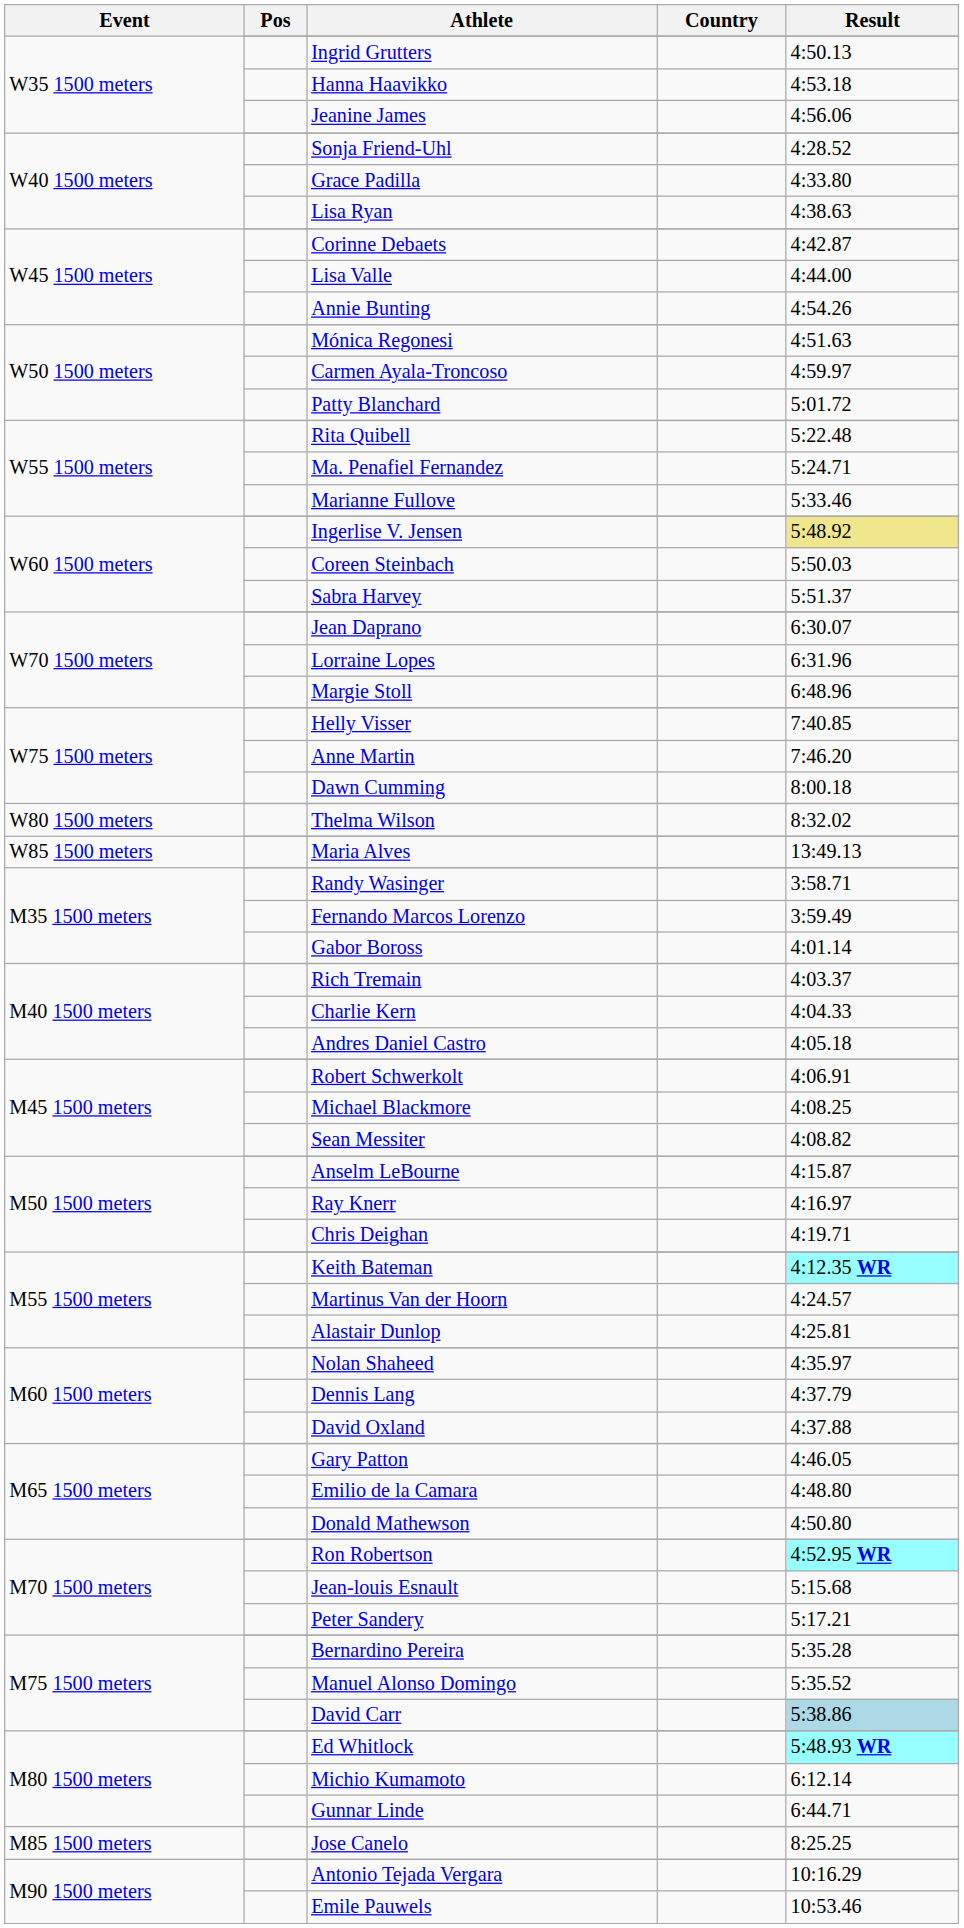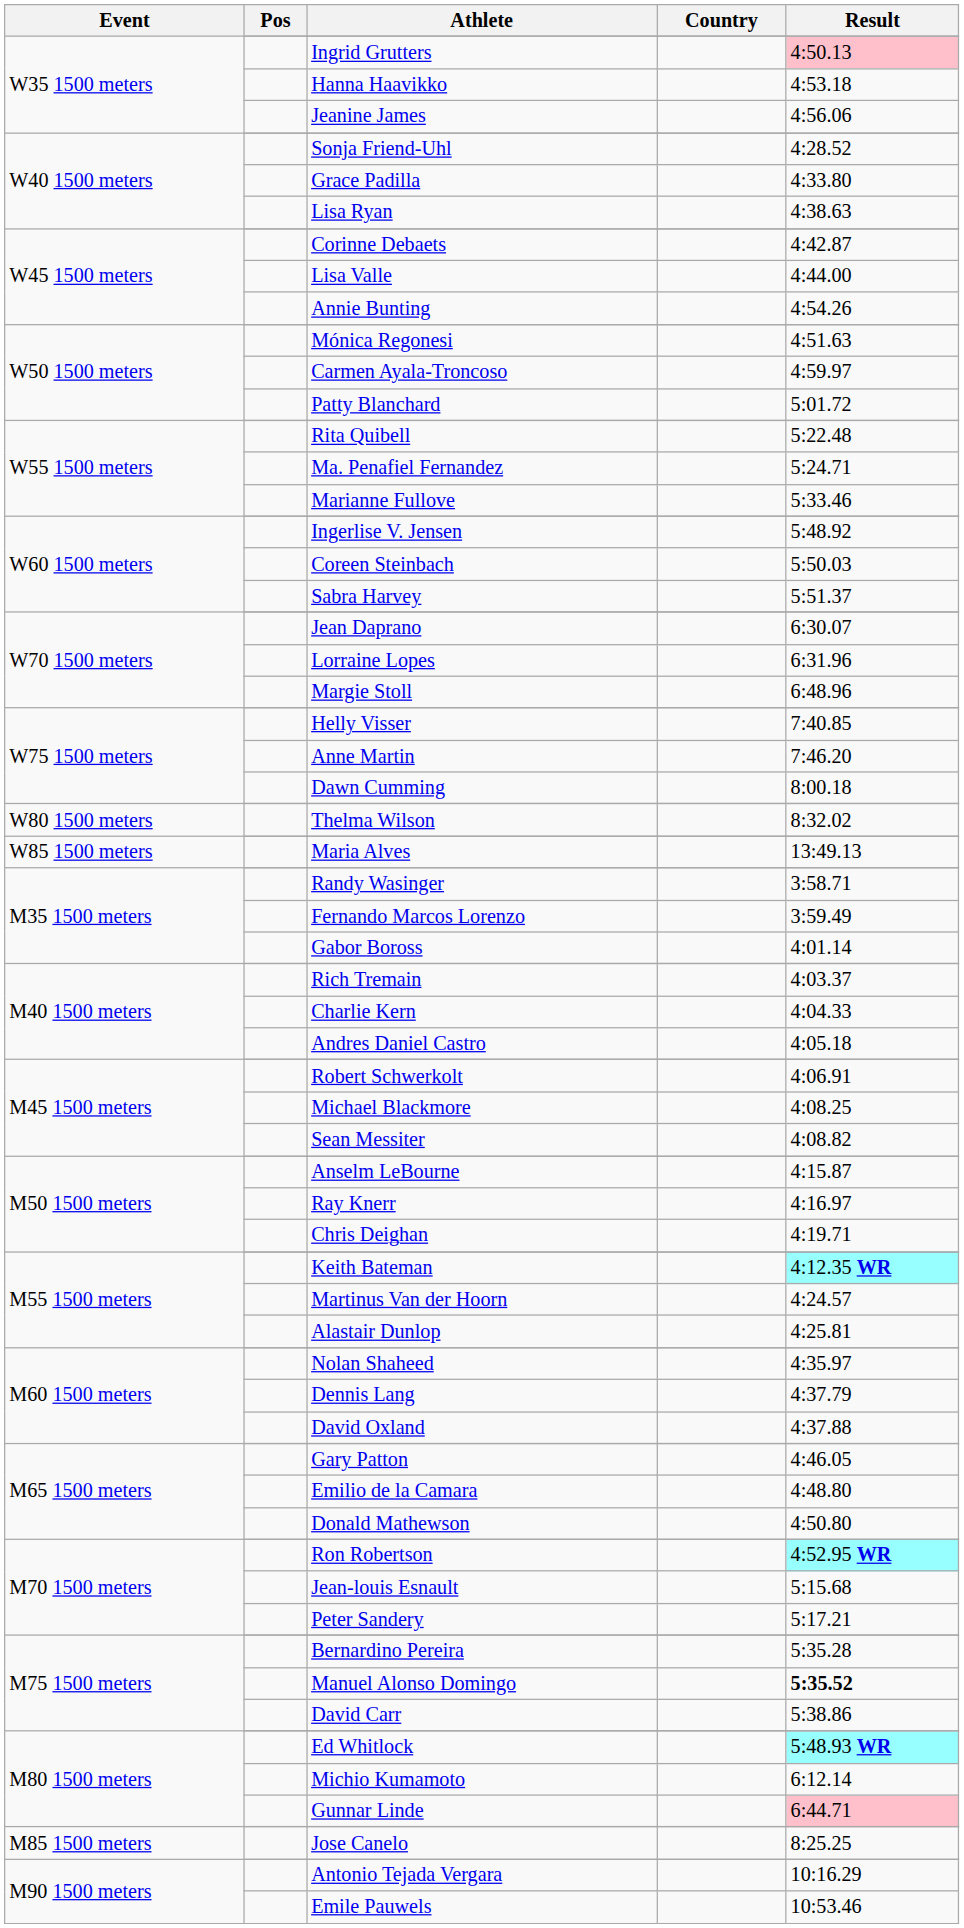 <table class="wikitable" style="width:60%;">
 <tr>
 <th>Event</th>
 <th>Pos</th>
 <th>Athlete</th>
 <th>Country</th>
 <th>Result</th>
 </tr>
 <tr>
 <td rowspan="4">W35 <a href='#'>1500 meters</a></td>
 </tr>
 <tr>
 <td align=center></td>
 <td align=left><a href='#'>Ingrid Grutters</a></td>
 <td align=left></td>
-<td>4:50.13</td>
+<td style="background: pink;">4:50.13</td>
 </tr>
 <tr>
 <td align=center></td>
 <td align=left><a href='#'>Hanna Haavikko</a></td>
 <td align=left></td>
 <td>4:53.18</td>
 </tr>
 <tr>
 <td align=center></td>
 <td align=left><a href='#'>Jeanine James</a></td>
 <td align=left></td>
 <td>4:56.06</td>
 </tr>
 <tr>
 <td rowspan="4">W40 <a href='#'>1500 meters</a></td>
 </tr>
 <tr>
 <td align=center></td>
 <td align=left><a href='#'>Sonja Friend-Uhl</a></td>
 <td align=left></td>
 <td>4:28.52</td>
 </tr>
 <tr>
 <td align=center></td>
 <td align=left><a href='#'>Grace Padilla</a></td>
 <td align=left></td>
 <td>4:33.80</td>
 </tr>
 <tr>
 <td align=center></td>
 <td align=left><a href='#'>Lisa Ryan</a></td>
 <td align=left></td>
 <td>4:38.63</td>
 </tr>
 <tr>
 <td rowspan="4">W45 <a href='#'>1500 meters</a></td>
 </tr>
 <tr>
 <td align=center></td>
 <td align=left><a href='#'>Corinne Debaets</a></td>
 <td align=left></td>
 <td>4:42.87</td>
 </tr>
 <tr>
 <td align=center></td>
 <td align=left><a href='#'>Lisa Valle</a></td>
 <td align=left></td>
 <td>4:44.00</td>
 </tr>
 <tr>
 <td align=center></td>
 <td align=left><a href='#'>Annie Bunting</a></td>
 <td align=left></td>
 <td>4:54.26</td>
 </tr>
 <tr>
 <td rowspan="4">W50 <a href='#'>1500 meters</a></td>
 </tr>
 <tr>
 <td align=center></td>
 <td align=left><a href='#'>Mónica Regonesi</a></td>
 <td align=left></td>
 <td>4:51.63</td>
 </tr>
 <tr>
 <td align=center></td>
 <td align=left><a href='#'>Carmen Ayala-Troncoso</a></td>
 <td align=left></td>
 <td>4:59.97</td>
 </tr>
 <tr>
 <td align=center></td>
 <td align=left><a href='#'>Patty Blanchard</a></td>
 <td align=left></td>
 <td>5:01.72</td>
 </tr>
 <tr>
 <td rowspan="4">W55 <a href='#'>1500 meters</a></td>
 </tr>
 <tr>
 <td align=center></td>
 <td align=left><a href='#'>Rita Quibell</a></td>
 <td align=left></td>
 <td>5:22.48</td>
 </tr>
 <tr>
 <td align=center></td>
 <td align=left><a href='#'>Ma. Penafiel Fernandez</a></td>
 <td align=left></td>
 <td>5:24.71</td>
 </tr>
 <tr>
 <td align=center></td>
 <td align=left><a href='#'>Marianne Fullove</a></td>
 <td align=left></td>
 <td>5:33.46</td>
 </tr>
 <tr>
 <td rowspan="4">W60 <a href='#'>1500 meters</a></td>
 </tr>
 <tr>
 <td align=center></td>
 <td align=left><a href='#'>Ingerlise V. Jensen</a></td>
 <td align=left></td>
-<td style="background: khaki;">5:48.92</td>
+<td>5:48.92</td>
 </tr>
 <tr>
 <td align=center></td>
 <td align=left><a href='#'>Coreen Steinbach</a></td>
 <td align=left></td>
 <td>5:50.03</td>
 </tr>
 <tr>
 <td align=center></td>
 <td align=left><a href='#'>Sabra Harvey</a></td>
 <td align=left></td>
 <td>5:51.37</td>
 </tr>
 <tr>
 <td rowspan="4">W70 <a href='#'>1500 meters</a></td>
 </tr>
 <tr>
 <td align=center></td>
 <td align=left><a href='#'>Jean Daprano</a></td>
 <td align=left></td>
 <td>6:30.07</td>
 </tr>
 <tr>
 <td align=center></td>
 <td align=left><a href='#'>Lorraine Lopes</a></td>
 <td align=left></td>
 <td>6:31.96</td>
 </tr>
 <tr>
 <td align=center></td>
 <td align=left><a href='#'>Margie Stoll</a></td>
 <td align=left></td>
 <td>6:48.96</td>
 </tr>
 <tr>
 <td rowspan="4">W75 <a href='#'>1500 meters</a></td>
 </tr>
 <tr>
 <td align=center></td>
 <td align=left><a href='#'>Helly Visser</a></td>
 <td align=left></td>
 <td>7:40.85</td>
 </tr>
 <tr>
 <td align=center></td>
 <td align=left><a href='#'>Anne Martin</a></td>
 <td align=left></td>
 <td>7:46.20</td>
 </tr>
 <tr>
 <td align=center></td>
 <td align=left><a href='#'>Dawn Cumming</a></td>
 <td align=left></td>
 <td>8:00.18</td>
 </tr>
 <tr>
 <td rowspan="2">W80 <a href='#'>1500 meters</a></td>
 </tr>
 <tr>
 <td align=center></td>
 <td align=left><a href='#'>Thelma Wilson</a></td>
 <td align=left></td>
 <td>8:32.02</td>
 </tr>
 <tr>
 <td rowspan="2">W85 <a href='#'>1500 meters</a></td>
 </tr>
 <tr>
 <td align=center></td>
 <td align=left><a href='#'>Maria Alves</a></td>
 <td align=left></td>
 <td>13:49.13</td>
 </tr>
 <tr>
 <td rowspan="4">M35 <a href='#'>1500 meters</a></td>
 </tr>
 <tr>
 <td align=center></td>
 <td align=left><a href='#'>Randy Wasinger</a></td>
 <td align=left></td>
 <td>3:58.71</td>
 </tr>
 <tr>
 <td align=center></td>
 <td align=left><a href='#'>Fernando Marcos Lorenzo</a></td>
 <td align=left></td>
 <td>3:59.49</td>
 </tr>
 <tr>
 <td align=center></td>
 <td align=left><a href='#'>Gabor Boross</a></td>
 <td align=left></td>
 <td>4:01.14</td>
 </tr>
 <tr>
 <td rowspan="4">M40 <a href='#'>1500 meters</a></td>
 </tr>
 <tr>
 <td align=center></td>
 <td align=left><a href='#'>Rich Tremain</a></td>
 <td align=left></td>
 <td>4:03.37</td>
 </tr>
 <tr>
 <td align=center></td>
 <td align=left><a href='#'>Charlie Kern</a></td>
 <td align=left></td>
 <td>4:04.33</td>
 </tr>
 <tr>
 <td align=center></td>
 <td align=left><a href='#'>Andres Daniel Castro</a></td>
 <td align=left></td>
 <td>4:05.18</td>
 </tr>
 <tr>
 <td rowspan="4">M45 <a href='#'>1500 meters</a></td>
 </tr>
 <tr>
 <td align=center></td>
 <td align=left><a href='#'>Robert Schwerkolt</a></td>
 <td align=left></td>
 <td>4:06.91</td>
 </tr>
 <tr>
 <td align=center></td>
 <td align=left><a href='#'>Michael Blackmore</a></td>
 <td align=left></td>
 <td>4:08.25</td>
 </tr>
 <tr>
 <td align=center></td>
 <td align=left><a href='#'>Sean Messiter</a></td>
 <td align=left></td>
 <td>4:08.82</td>
 </tr>
 <tr>
 <td rowspan="4">M50 <a href='#'>1500 meters</a></td>
 </tr>
 <tr>
 <td align=center></td>
 <td align=left><a href='#'>Anselm LeBourne</a></td>
 <td align=left></td>
 <td>4:15.87</td>
 </tr>
 <tr>
 <td align=center></td>
 <td align=left><a href='#'>Ray Knerr</a></td>
 <td align=left></td>
 <td>4:16.97</td>
 </tr>
 <tr>
 <td align=center></td>
 <td align=left><a href='#'>Chris Deighan</a></td>
 <td align=left></td>
 <td>4:19.71</td>
 </tr>
 <tr>
 <td rowspan="4">M55 <a href='#'>1500 meters</a></td>
 </tr>
 <tr>
 <td align=center></td>
 <td align=left><a href='#'>Keith Bateman</a></td>
 <td align=left></td>
 <td bgcolor=#97ffff>4:12.35 <strong><a href='#'>WR</a></strong></td>
 </tr>
 <tr>
 <td align=center></td>
 <td align=left><a href='#'>Martinus Van der Hoorn</a></td>
 <td align=left></td>
 <td>4:24.57</td>
 </tr>
 <tr>
 <td align=center></td>
 <td align=left><a href='#'>Alastair Dunlop</a></td>
 <td align=left></td>
 <td>4:25.81</td>
 </tr>
 <tr>
 <td rowspan="4">M60 <a href='#'>1500 meters</a></td>
 </tr>
 <tr>
 <td align=center></td>
 <td align=left><a href='#'>Nolan Shaheed</a></td>
 <td align=left></td>
 <td>4:35.97</td>
 </tr>
 <tr>
 <td align=center></td>
 <td align=left><a href='#'>Dennis Lang</a></td>
 <td align=left></td>
 <td>4:37.79</td>
 </tr>
 <tr>
 <td align=center></td>
 <td align=left><a href='#'>David Oxland</a></td>
 <td align=left></td>
 <td>4:37.88</td>
 </tr>
 <tr>
 <td rowspan="4">M65 <a href='#'>1500 meters</a></td>
 </tr>
 <tr>
 <td align=center></td>
 <td align=left><a href='#'>Gary Patton</a></td>
 <td align=left></td>
 <td>4:46.05</td>
 </tr>
 <tr>
 <td align=center></td>
 <td align=left><a href='#'>Emilio de la Camara</a></td>
 <td align=left></td>
 <td>4:48.80</td>
 </tr>
 <tr>
 <td align=center></td>
 <td align=left><a href='#'>Donald Mathewson</a></td>
 <td align=left></td>
 <td>4:50.80</td>
 </tr>
 <tr>
 <td rowspan="4">M70 <a href='#'>1500 meters</a></td>
 </tr>
 <tr>
 <td align=center></td>
 <td align=left><a href='#'>Ron Robertson</a></td>
 <td align=left></td>
 <td bgcolor=#97ffff>4:52.95 <strong><a href='#'>WR</a></strong></td>
 </tr>
 <tr>
 <td align=center></td>
 <td align=left><a href='#'>Jean-louis Esnault</a></td>
 <td align=left></td>
 <td>5:15.68</td>
 </tr>
 <tr>
 <td align=center></td>
 <td align=left><a href='#'>Peter Sandery</a></td>
 <td align=left></td>
 <td>5:17.21</td>
 </tr>
 <tr>
 <td rowspan="4">M75 <a href='#'>1500 meters</a></td>
 </tr>
 <tr>
 <td align=center></td>
 <td align=left><a href='#'>Bernardino Pereira</a></td>
 <td align=left></td>
 <td>5:35.28</td>
 </tr>
 <tr>
 <td align=center></td>
 <td align=left><a href='#'>Manuel Alonso Domingo</a></td>
 <td align=left></td>
-<td>5:35.52</td>
+<td><strong>5:35.52</strong></td>
 </tr>
 <tr>
 <td align=center></td>
 <td align=left><a href='#'>David Carr</a></td>
 <td align=left></td>
-<td style="background: lightblue;">5:38.86</td>
+<td>5:38.86</td>
 </tr>
 <tr>
 <td rowspan="4">M80 <a href='#'>1500 meters</a></td>
 </tr>
 <tr>
 <td align=center></td>
 <td align=left><a href='#'>Ed Whitlock</a></td>
 <td align=left></td>
 <td bgcolor=#97ffff>5:48.93 <strong><a href='#'>WR</a></strong></td>
 </tr>
 <tr>
 <td align=center></td>
 <td align=left><a href='#'>Michio Kumamoto</a></td>
 <td align=left></td>
 <td>6:12.14</td>
 </tr>
 <tr>
 <td align=center></td>
 <td align=left><a href='#'>Gunnar Linde</a></td>
 <td align=left></td>
-<td>6:44.71</td>
+<td style="background: pink;">6:44.71</td>
 </tr>
 <tr>
 <td rowspan="2">M85 <a href='#'>1500 meters</a></td>
 </tr>
 <tr>
 <td align=center></td>
 <td align=left><a href='#'>Jose Canelo</a></td>
 <td align=left></td>
 <td>8:25.25</td>
 </tr>
 <tr>
 <td rowspan="3">M90 <a href='#'>1500 meters</a></td>
 </tr>
 <tr>
 <td align=center></td>
 <td align=left><a href='#'>Antonio Tejada Vergara</a></td>
 <td align=left></td>
 <td>10:16.29</td>
 </tr>
 <tr>
 <td align=center></td>
 <td align=left><a href='#'>Emile Pauwels</a></td>
 <td align=left></td>
 <td>10:53.46</td>
 </tr>
 </table>
